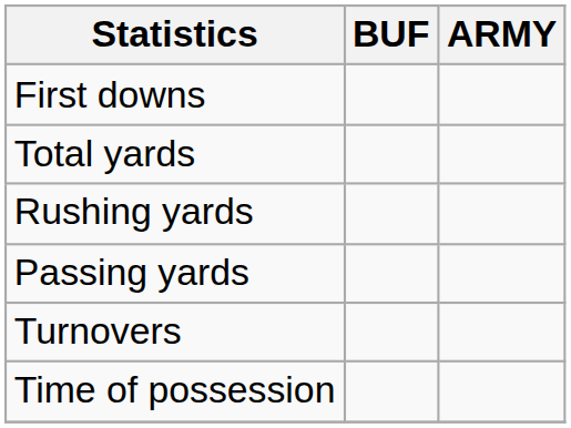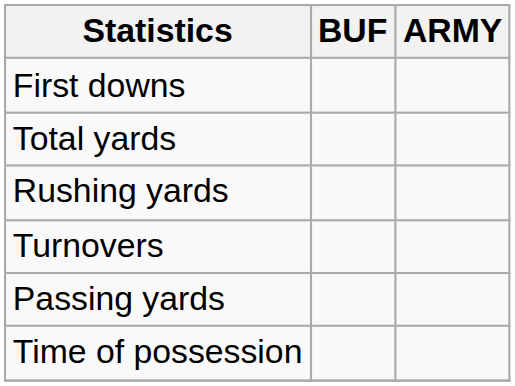 <table class="wikitable">
 <tr>
 <th>Statistics</th>
 <th>BUF</th>
 <th>ARMY</th>
 </tr>
 <tr>
 <td>First downs</td>
 <td></td>
 <td></td>
 </tr>
 <tr>
 <td>Total yards</td>
 <td></td>
 <td></td>
 </tr>
 <tr>
 <td>Rushing yards</td>
 <td></td>
 <td></td>
 </tr>
 <tr>
-<td>Passing yards</td>
+<td>Turnovers</td>
 <td></td>
 <td></td>
 </tr>
 <tr>
-<td>Turnovers</td>
+<td>Passing yards</td>
 <td></td>
 <td></td>
 </tr>
 <tr>
 <td>Time of possession</td>
 <td></td>
 <td></td>
 </tr>
 <tr>
 </tr>
 </table>
